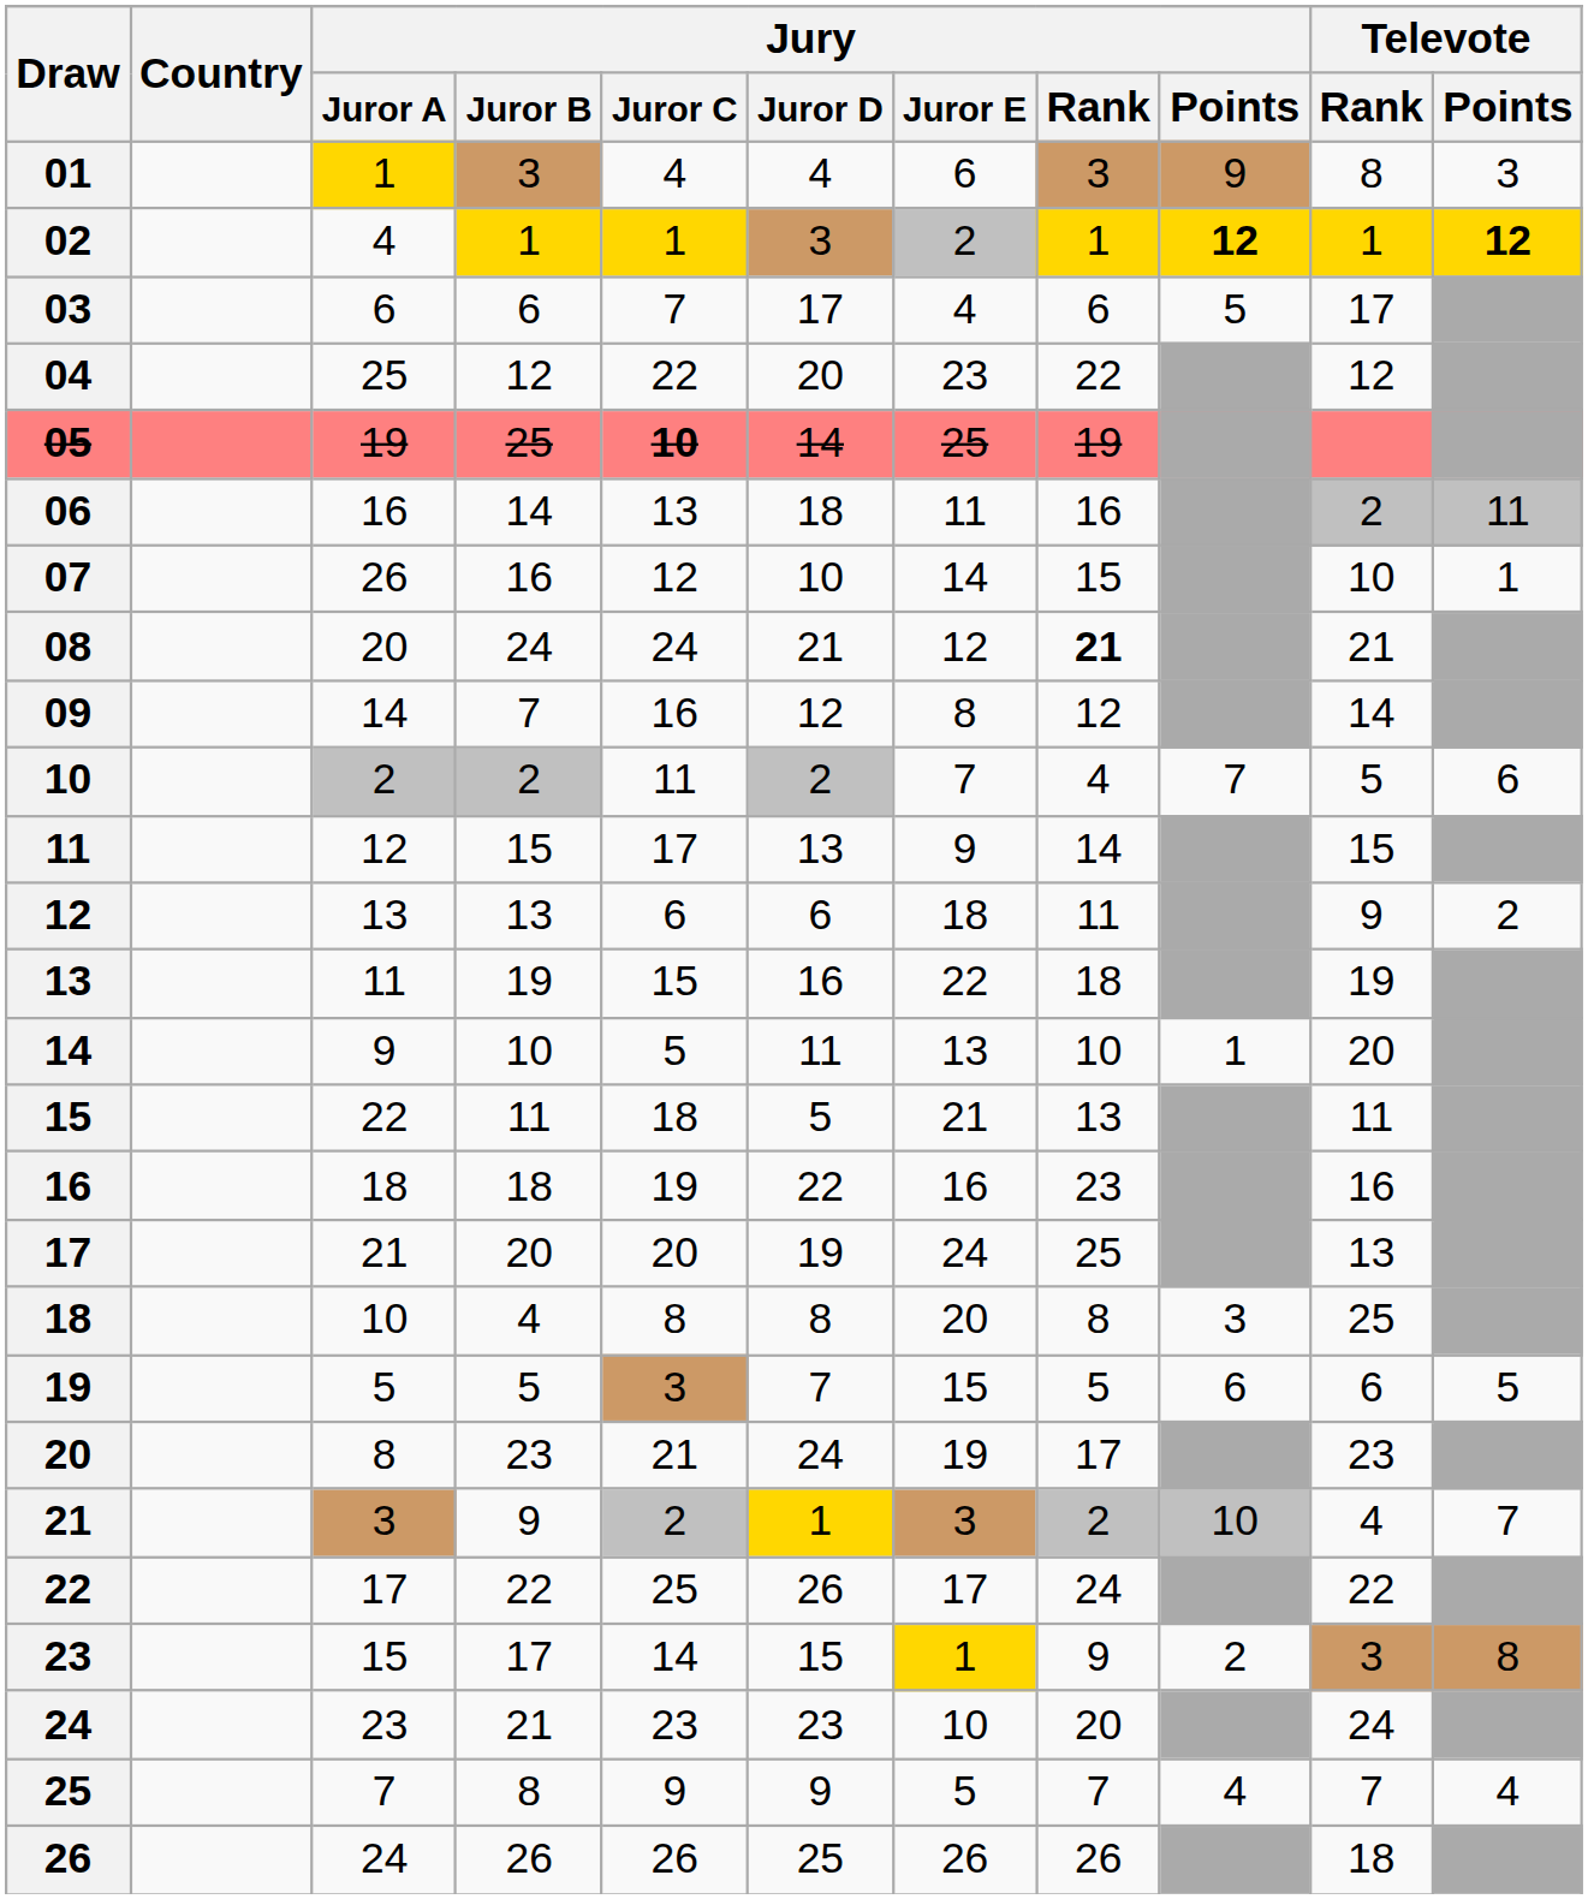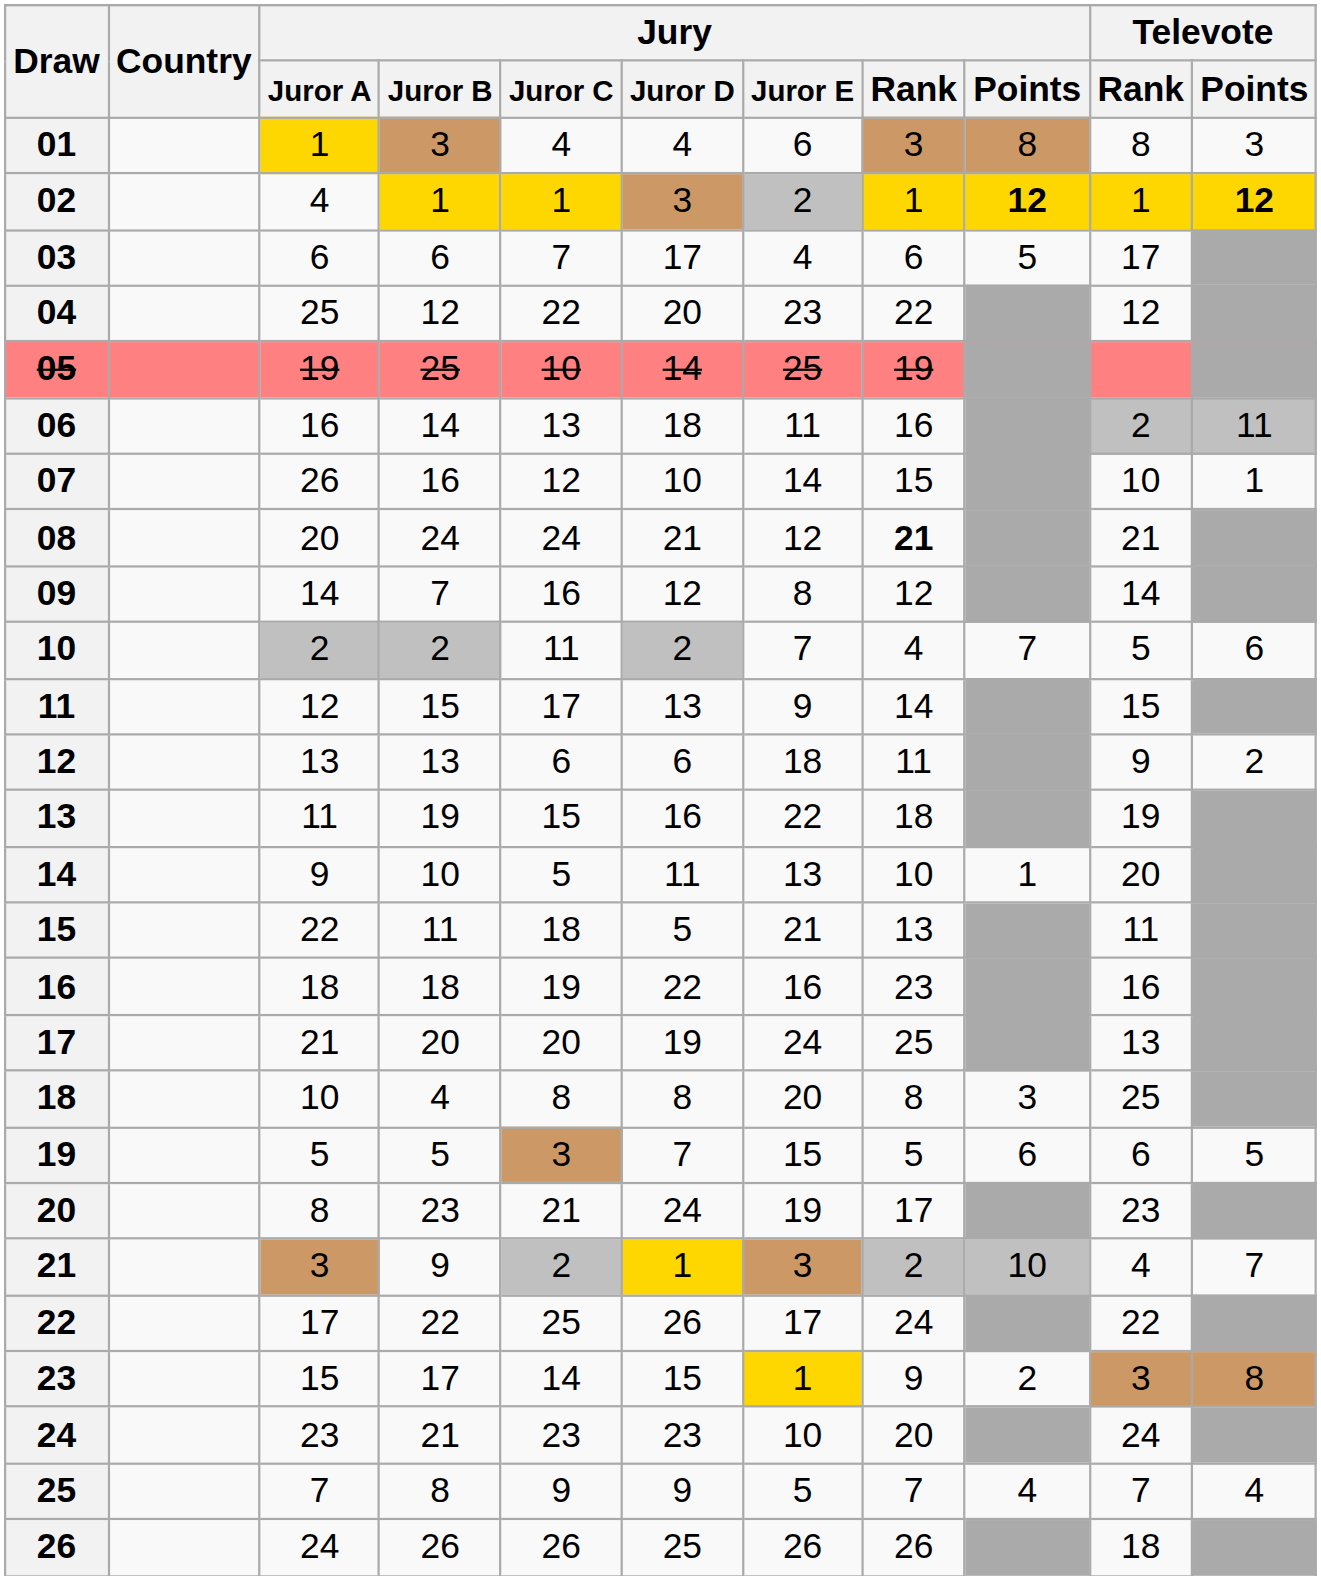 <table class="sortable wikitable collapsible plainrowheaders" style="text-align:center;">
 <tr>
 </tr>
 <tr>
 <th scope="col" rowspan="2">Draw</th>
 <th scope="col" rowspan="2">Country</th>
 <th scope="col" colspan="7">Jury</th>
 <th scope="col" colspan="2">Televote</th>
 </tr>
 <tr>
 <th scope="col"><small>Juror A</small></th>
 <th scope="col"><small>Juror B</small></th>
 <th scope="col"><small>Juror C</small></th>
 <th scope="col"><small>Juror D</small></th>
 <th scope="col"><small>Juror E</small></th>
 <th scope="col">Rank</th>
 <th scope="col" class="unsortable">Points</th>
 <th scope="col">Rank</th>
 <th scope="col" class="unsortable">Points</th>
 </tr>
 <tr>
 <th scope="row" style="text-align:center;">01</th>
 <td style="text-align:left;"></td>
 <td style="background:gold;">1</td>
 <td style="background:#CC9966;">3</td>
 <td>4</td>
 <td>4</td>
 <td>6</td>
 <td style="background:#CC9966;">3</td>
-<td style="background:#CC9966;">9</td>
+<td style="background:#CC9966;">8</td>
 <td>8</td>
 <td>3</td>
 </tr>
 <tr>
 <th scope="row" style="text-align:center;">02</th>
 <td style="text-align:left;"></td>
 <td>4</td>
 <td style="background:gold;">1</td>
 <td style="background:gold;">1</td>
 <td style="background:#CC9966;">3</td>
 <td style="background:silver;">2</td>
 <td style="background:gold;">1</td>
 <td style="background:gold;"><strong>12</strong></td>
 <td style="background:gold;">1</td>
 <td style="background:gold;"><strong>12</strong></td>
 </tr>
 <tr>
 <th scope="row" style="text-align:center;">03</th>
 <td style="text-align:left;"></td>
 <td>6</td>
 <td>6</td>
 <td>7</td>
 <td>17</td>
 <td>4</td>
 <td>6</td>
 <td>5</td>
 <td>17</td>
 <td style="background:#AAAAAA;"></td>
 </tr>
 <tr>
 <th scope="row" style="text-align:center;">04</th>
 <td style="text-align:left;"></td>
 <td>25</td>
 <td>12</td>
 <td>22</td>
 <td>20</td>
 <td>23</td>
 <td>22</td>
 <td style="background:#AAAAAA;"></td>
 <td>12</td>
 <td style="background:#AAAAAA;"></td>
 </tr>
 <tr style="background:#FE8080">
 <th scope="row" style="text-align:center; background:#FE8080"><s>05</s></th>
 <td style="text-align:left;"><s></s> </td>
 <td><s>19</s></td>
 <td><s>25</s></td>
-<td><strong><s>10</s></strong></td>
+<td><s>10</s></td>
 <td><s>14</s></td>
 <td><s>25</s></td>
 <td><s>19</s></td>
 <td style="background:#AAAAAA;"></td>
 <td></td>
 <td style="background:#AAAAAA;"></td>
 </tr>
 <tr>
 <th scope="row" style="text-align:center;">06</th>
 <td style="text-align:left;"></td>
 <td>16</td>
 <td>14</td>
 <td>13</td>
 <td>18</td>
 <td>11</td>
 <td>16</td>
 <td style="background:#AAAAAA;"></td>
 <td style="background:silver;">2</td>
 <td style="background:silver;">11</td>
 </tr>
 <tr>
 <th scope="row" style="text-align:center;">07</th>
 <td style="text-align:left;"></td>
 <td>26</td>
 <td>16</td>
 <td>12</td>
 <td>10</td>
 <td>14</td>
 <td>15</td>
 <td style="background:#AAAAAA;"></td>
 <td>10</td>
 <td>1</td>
 </tr>
 <tr>
 <th scope="row" style="text-align:center;">08</th>
 <td style="text-align:left;"></td>
 <td>20</td>
 <td>24</td>
 <td>24</td>
 <td>21</td>
 <td>12</td>
 <td><strong>21</strong></td>
 <td style="background:#AAAAAA;"></td>
 <td>21</td>
 <td style="background:#AAAAAA;"></td>
 </tr>
 <tr>
 <th scope="row" style="text-align:center;">09</th>
 <td style="text-align:left;"></td>
 <td>14</td>
 <td>7</td>
 <td>16</td>
 <td>12</td>
 <td>8</td>
 <td>12</td>
 <td style="background:#AAAAAA;"></td>
 <td>14</td>
 <td style="background:#AAAAAA;"></td>
 </tr>
 <tr>
 <th scope="row" style="text-align:center;">10</th>
 <td style="text-align:left;"></td>
 <td style="background:silver;">2</td>
 <td style="background:silver;">2</td>
 <td>11</td>
 <td style="background:silver;">2</td>
 <td>7</td>
 <td>4</td>
 <td>7</td>
 <td>5</td>
 <td>6</td>
 </tr>
 <tr>
 <th scope="row" style="text-align:center;">11</th>
 <td style="text-align:left;"></td>
 <td>12</td>
 <td>15</td>
 <td>17</td>
 <td>13</td>
 <td>9</td>
 <td>14</td>
 <td style="background:#AAAAAA;"></td>
 <td>15</td>
 <td style="background:#AAAAAA;"></td>
 </tr>
 <tr>
 <th scope="row" style="text-align:center;">12</th>
 <td style="text-align:left;"></td>
 <td>13</td>
 <td>13</td>
 <td>6</td>
 <td>6</td>
 <td>18</td>
 <td>11</td>
 <td style="background:#AAAAAA;"></td>
 <td>9</td>
 <td>2</td>
 </tr>
 <tr>
 <th scope="row" style="text-align:center;">13</th>
 <td style="text-align:left;"></td>
 <td>11</td>
 <td>19</td>
 <td>15</td>
 <td>16</td>
 <td>22</td>
 <td>18</td>
 <td style="background:#AAAAAA;"></td>
 <td>19</td>
 <td style="background:#AAAAAA;"></td>
 </tr>
 <tr>
 <th scope="row" style="text-align:center;">14</th>
 <td style="text-align:left;"></td>
 <td>9</td>
 <td>10</td>
 <td>5</td>
 <td>11</td>
 <td>13</td>
 <td>10</td>
 <td>1</td>
 <td>20</td>
 <td style="background:#AAAAAA;"></td>
 </tr>
 <tr>
 <th scope="row" style="text-align:center;">15</th>
 <td style="text-align:left;"></td>
 <td>22</td>
 <td>11</td>
 <td>18</td>
 <td>5</td>
 <td>21</td>
 <td>13</td>
 <td style="background:#AAAAAA;"></td>
 <td>11</td>
 <td style="background:#AAAAAA;"></td>
 </tr>
 <tr>
 <th scope="row" style="text-align:center;">16</th>
 <td style="text-align:left;"></td>
 <td>18</td>
 <td>18</td>
 <td>19</td>
 <td>22</td>
 <td>16</td>
 <td>23</td>
 <td style="background:#AAAAAA;"></td>
 <td>16</td>
 <td style="background:#AAAAAA;"></td>
 </tr>
 <tr>
 <th scope="row" style="text-align:center;">17</th>
 <td style="text-align:left;"></td>
 <td>21</td>
 <td>20</td>
 <td>20</td>
 <td>19</td>
 <td>24</td>
 <td>25</td>
 <td style="background:#AAAAAA;"></td>
 <td>13</td>
 <td style="background:#AAAAAA;"></td>
 </tr>
 <tr>
 <th scope="row" style="text-align:center;">18</th>
 <td style="text-align:left;"></td>
 <td>10</td>
 <td>4</td>
 <td>8</td>
 <td>8</td>
 <td>20</td>
 <td>8</td>
 <td>3</td>
 <td>25</td>
 <td style="background:#AAAAAA;"></td>
 </tr>
 <tr>
 <th scope="row" style="text-align:center;">19</th>
 <td style="text-align:left;"></td>
 <td>5</td>
 <td>5</td>
 <td style="background:#CC9966;">3</td>
 <td>7</td>
 <td>15</td>
 <td>5</td>
 <td>6</td>
 <td>6</td>
 <td>5</td>
 </tr>
 <tr>
 <th scope="row" style="text-align:center;">20</th>
 <td style="text-align:left;"></td>
 <td>8</td>
 <td>23</td>
 <td>21</td>
 <td>24</td>
 <td>19</td>
 <td>17</td>
 <td style="background:#AAAAAA;"></td>
 <td>23</td>
 <td style="background:#AAAAAA;"></td>
 </tr>
 <tr>
 <th scope="row" style="text-align:center;">21</th>
 <td style="text-align:left;"></td>
 <td style="background:#CC9966;">3</td>
 <td>9</td>
 <td style="background:silver;">2</td>
 <td style="background:gold;">1</td>
 <td style="background:#CC9966;">3</td>
 <td style="background:silver;">2</td>
 <td style="background:silver;">10</td>
 <td>4</td>
 <td>7</td>
 </tr>
 <tr>
 <th scope="row" style="text-align:center;">22</th>
 <td style="text-align:left;"></td>
 <td>17</td>
 <td>22</td>
 <td>25</td>
 <td>26</td>
 <td>17</td>
 <td>24</td>
 <td style="background:#AAAAAA;"></td>
 <td>22</td>
 <td style="background:#AAAAAA;"></td>
 </tr>
 <tr>
 <th scope="row" style="text-align:center;">23</th>
 <td style="text-align:left;"></td>
 <td>15</td>
 <td>17</td>
 <td>14</td>
 <td>15</td>
 <td style="background:gold;">1</td>
 <td>9</td>
 <td>2</td>
 <td style="background:#CC9966;">3</td>
 <td style="background:#CC9966;">8</td>
 </tr>
 <tr>
 <th scope="row" style="text-align:center;">24</th>
 <td style="text-align:left;"></td>
 <td>23</td>
 <td>21</td>
 <td>23</td>
 <td>23</td>
 <td>10</td>
 <td>20</td>
 <td style="background:#AAAAAA;"></td>
 <td>24</td>
 <td style="background:#AAAAAA;"></td>
 </tr>
 <tr>
 <th scope="row" style="text-align:center;">25</th>
 <td style="text-align:left;"></td>
 <td>7</td>
 <td>8</td>
 <td>9</td>
 <td>9</td>
 <td>5</td>
 <td>7</td>
 <td>4</td>
 <td>7</td>
 <td>4</td>
 </tr>
 <tr>
 <th scope="row" style="text-align:center;">26</th>
 <td style="text-align:left;"></td>
 <td>24</td>
 <td>26</td>
 <td>26</td>
 <td>25</td>
 <td>26</td>
 <td>26</td>
 <td style="background:#AAAAAA;"></td>
 <td>18</td>
 <td style="background:#AAAAAA;"></td>
 </tr>
 </table>
